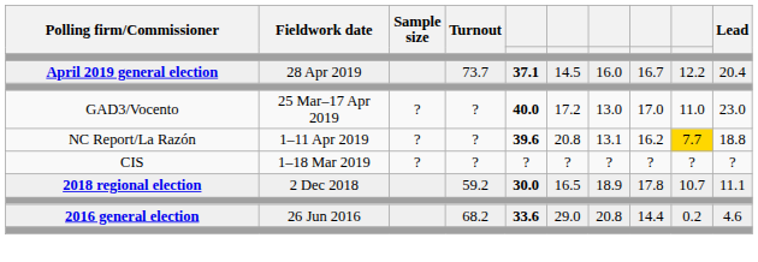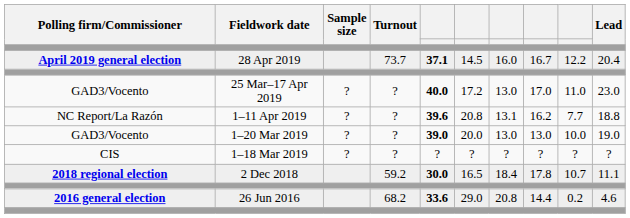 <table class="wikitable collapsible collapsed" style="text-align:center; font-size:95%; line-height:16px;">
 <tr style="height:42px;">
 <th style="width:250px;" rowspan="2">Polling firm/Commissioner</th>
 <th style="width:125px;" rowspan="2">Fieldwork date</th>
 <th style="width:50px;" rowspan="2">Sample size</th>
 <th style="width:45px;" rowspan="2">Turnout</th>
 <th style="width:35px;"></th>
 <th style="width:35px;"></th>
 <th style="width:35px;"></th>
 <th style="width:35px;"></th>
 <th style="width:35px;"></th>
 <th style="width:30px;" rowspan="2">Lead</th>
 </tr>
 <tr>
 <th style="color:inherit;background:"></th>
 <th style="color:inherit;background:"></th>
 <th style="color:inherit;background:"></th>
 <th style="color:inherit;background:"></th>
 <th style="color:inherit;background:"></th>
 </tr>
 <tr>
 <td colspan="10" style="background:#A0A0A0"></td>
 </tr>
 <tr style="background:#EFEFEF;">
 <td><strong><a href='#'>April 2019 general election</a></strong></td>
 <td>28 Apr 2019</td>
 <td></td>
 <td>73.7</td>
 <td><strong>37.1</strong><br></td>
 <td>14.5<br></td>
 <td>16.0<br></td>
 <td>16.7<br></td>
 <td>12.2<br></td>
 <td style="background:">20.4</td>
 </tr>
 <tr>
 <td colspan="10" style="background:#A0A0A0"></td>
 </tr>
 <tr>
 <td>GAD3/Vocento</td>
 <td>25 Mar–17 Apr 2019</td>
 <td>?</td>
 <td>?</td>
 <td><strong>40.0</strong><br></td>
 <td>17.2<br></td>
 <td>13.0<br></td>
 <td>17.0<br></td>
 <td>11.0<br></td>
 <td style="background:">23.0</td>
 </tr>
 <tr>
 <td>NC Report/La Razón</td>
 <td>1–11 Apr 2019</td>
 <td>?</td>
 <td>?</td>
 <td><strong>39.6</strong><br></td>
 <td>20.8<br></td>
 <td>13.1<br></td>
 <td>16.2<br></td>
-<td style="background: gold;">7.7<br></td>
+<td>7.7<br></td>
 <td style="background:">18.8</td>
+</tr>
+<tr>
+<td>GAD3/Vocento</td>
+<td>1–20 Mar 2019</td>
+<td>?</td>
+<td>?</td>
+<td><strong>39.0</strong><br></td>
+<td>20.0<br></td>
+<td>13.0<br></td>
+<td>13.0<br></td>
+<td>10.0<br></td>
+<td style="background:">19.0</td>
 </tr>
 <tr>
 <td>CIS</td>
 <td>1–18 Mar 2019</td>
 <td>?</td>
 <td>?</td>
 <td>?<br></td>
 <td>?<br></td>
 <td>?<br></td>
 <td>?<br></td>
 <td>?<br></td>
 <td style="background:">?</td>
 </tr>
 <tr style="background:#EFEFEF;">
 <td><strong><a href='#'>2018 regional election</a></strong></td>
 <td>2 Dec 2018</td>
 <td></td>
 <td>59.2</td>
 <td><strong>30.0</strong><br></td>
 <td>16.5<br></td>
-<td>18.9<br></td>
+<td>18.4<br></td>
 <td>17.8<br></td>
 <td>10.7<br></td>
 <td style="background:">11.1</td>
 </tr>
 <tr>
 <td colspan="10" style="background:#A0A0A0"></td>
 </tr>
 <tr style="background:#EFEFEF;">
 <td><strong><a href='#'>2016 general election</a></strong></td>
 <td>26 Jun 2016</td>
 <td></td>
 <td>68.2</td>
 <td><strong>33.6</strong><br></td>
 <td>29.0<br></td>
 <td>20.8<br></td>
 <td>14.4<br></td>
 <td>0.2<br></td>
 <td style="background:">4.6</td>
 </tr>
 <tr>
 <td colspan="10" style="background:#A0A0A0"></td>
 </tr>
 </table>
